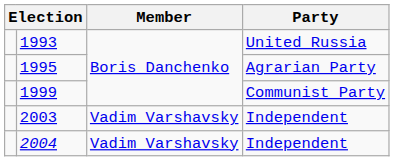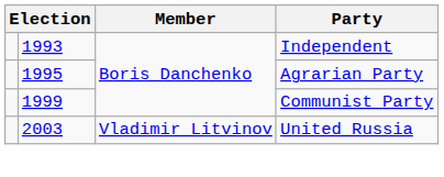 <table class="wikitable">
 <tr>
 <th colspan="2">Election</th>
 <th>Member</th>
 <th>Party</th>
 </tr>
 <tr>
 <td style="background-color:"></td>
 <td><a href='#'>1993</a></td>
 <td rowspan=3><a href='#'>Boris Danchenko</a></td>
-<td><a href='#'>United Russia</a></td>
+<td><a href='#'>Independent</a></td>
 </tr>
 <tr>
 <td style="background-color:"></td>
 <td><a href='#'>1995</a></td>
 <td><a href='#'>Agrarian Party</a></td>
 </tr>
 <tr>
 <td style="background-color:"></td>
 <td><a href='#'>1999</a></td>
 <td><a href='#'>Communist Party</a></td>
 </tr>
 <tr>
 <td style="background-color:"></td>
 <td><a href='#'>2003</a></td>
-<td><a href='#'>Vadim Varshavsky</a></td>
-<td><a href='#'>Independent</a></td>
-</tr>
-<tr>
-<td style="background-color:"></td>
-<td><em><a href='#'>2004</a></em></td>
-<td><a href='#'>Vadim Varshavsky</a></td>
-<td><a href='#'>Independent</a></td>
+<td><a href='#'>Vladimir Litvinov</a></td>
+<td><a href='#'>United Russia</a></td>
 </tr>
 </table>
